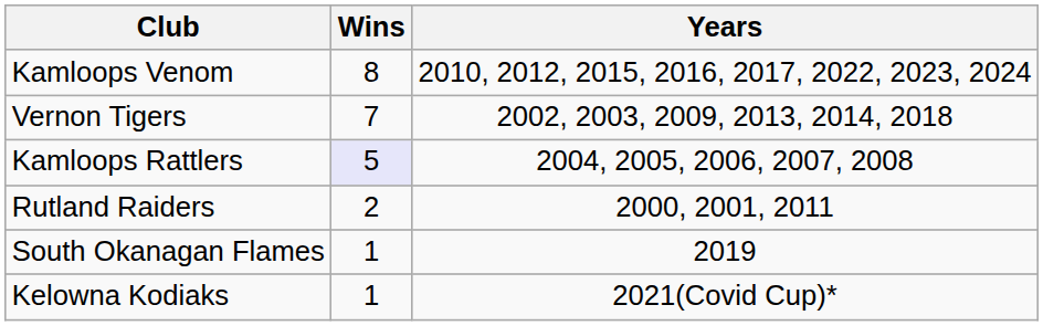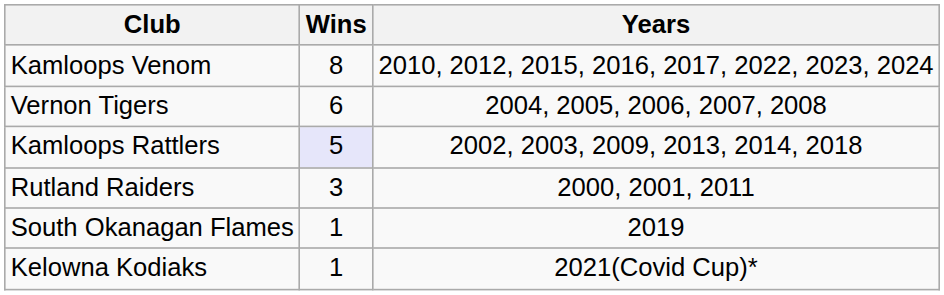 <table class="wikitable">
 <tr>
 <th>Club</th>
 <th>Wins</th>
 <th>Years</th>
 </tr>
 <tr>
 <td>Kamloops Venom</td>
 <td style="text-align:center">8</td>
 <td style="text-align:center">2010, 2012, 2015, 2016, 2017, 2022, 2023, 2024</td>
 </tr>
 <tr>
 <td>Vernon Tigers</td>
-<td style="text-align:center">7</td>
-<td style="text-align:center">2002, 2003, 2009, 2013, 2014, 2018</td>
+<td style="text-align:center">6</td>
+<td style="text-align:center">2004, 2005, 2006, 2007, 2008</td>
 </tr>
 <tr>
 <td>Kamloops Rattlers</td>
 <td style="background: lavender; text-align:center">5</td>
-<td style="text-align:center">2004, 2005, 2006, 2007, 2008</td>
+<td style="text-align:center">2002, 2003, 2009, 2013, 2014, 2018</td>
 </tr>
 <tr>
 <td>Rutland Raiders</td>
-<td style="text-align:center;">2</td>
+<td style="text-align:center;">3</td>
 <td style="text-align:center">2000, 2001, 2011</td>
 </tr>
 <tr>
 <td>South Okanagan Flames</td>
 <td style="text-align:center;">1</td>
 <td style="text-align:center">2019</td>
 </tr>
 <tr>
 <td>Kelowna Kodiaks</td>
 <td style="text-align:center;">1</td>
 <td style="text-align:center">2021(Covid Cup)*</td>
 </tr>
 </table>
